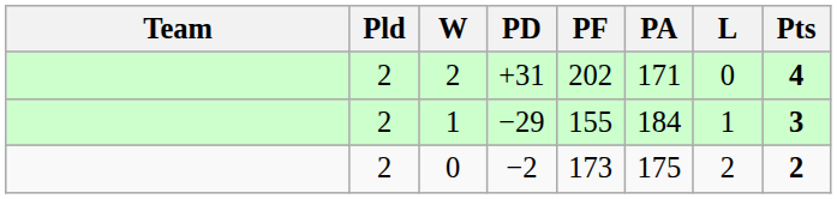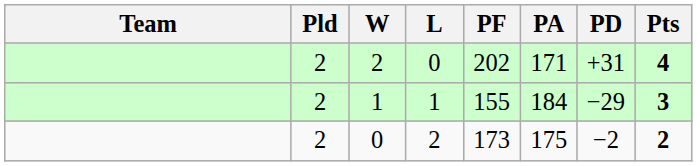 <table class=wikitable style="text-align:center">
 <tr>
 <th width=180>Team</th>
 <th width=30>Pld</th>
 <th width=30>W</th>
-<th width=30>PD</th>
+<th width=30>L</th>
 <th width=30>PF</th>
 <th width=30>PA</th>
-<th width=30>L</th>
+<th width=30>PD</th>
 <th width=30>Pts</th>
 </tr>
 <tr align=center bgcolor="#ccffcc">
 <td align=left></td>
 <td>2</td>
 <td>2</td>
-<td>+31</td>
+<td>0</td>
 <td>202</td>
 <td>171</td>
-<td>0</td>
+<td>+31</td>
 <td><strong>4</strong></td>
 </tr>
 <tr align=center bgcolor="#ccffcc">
 <td align=left></td>
 <td>2</td>
 <td>1</td>
-<td>−29</td>
+<td>1</td>
 <td>155</td>
 <td>184</td>
-<td>1</td>
+<td>−29</td>
 <td><strong>3</strong></td>
 </tr>
 <tr align=center>
 <td align=left></td>
 <td>2</td>
 <td>0</td>
-<td>−2</td>
+<td>2</td>
 <td>173</td>
 <td>175</td>
-<td>2</td>
+<td>−2</td>
 <td><strong>2</strong></td>
 </tr>
 </table>
